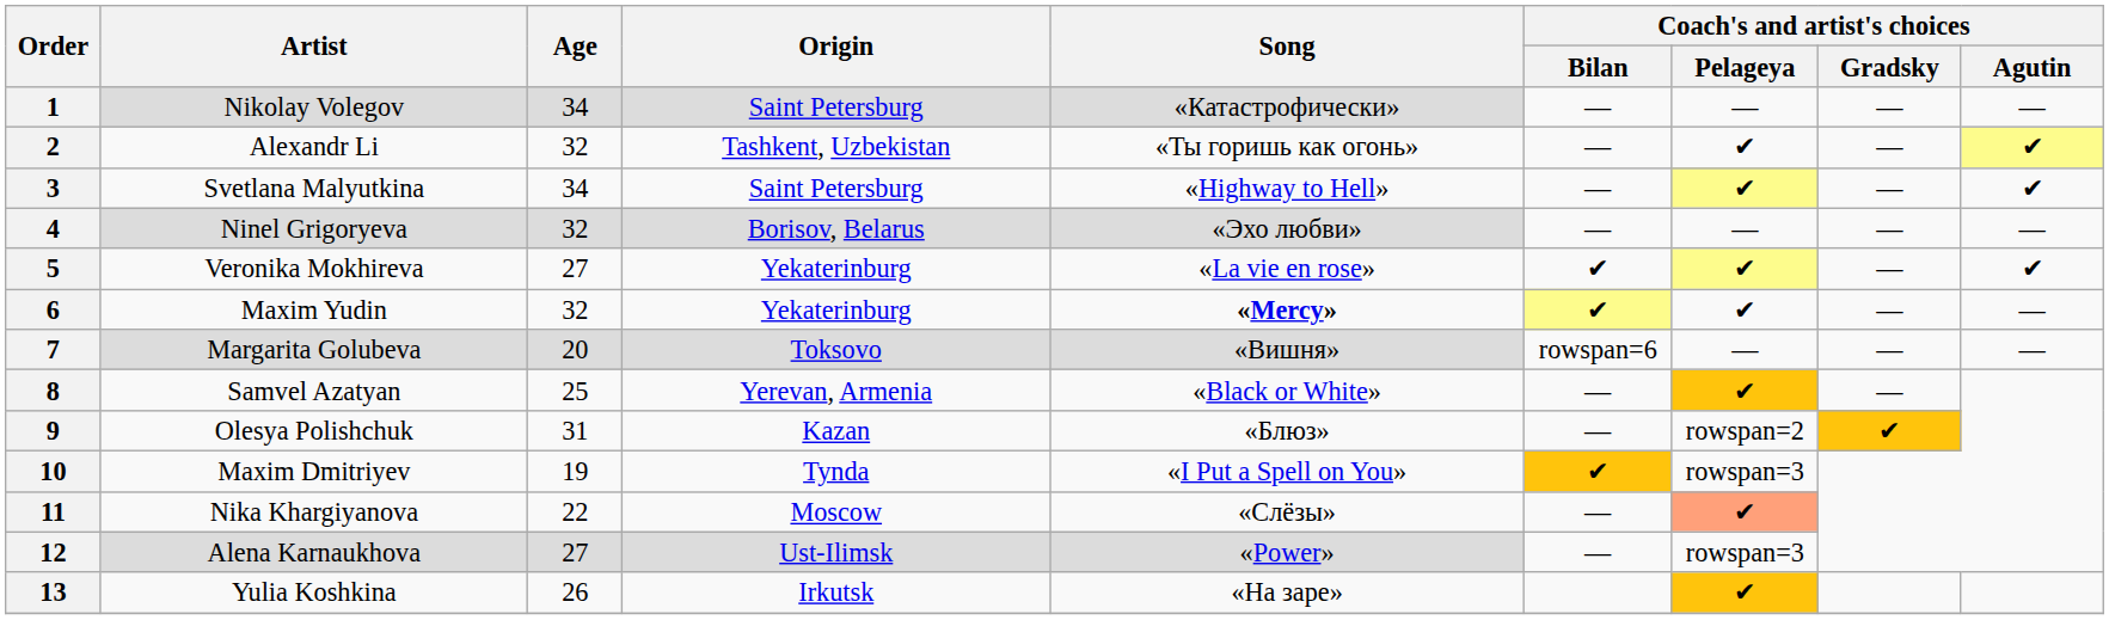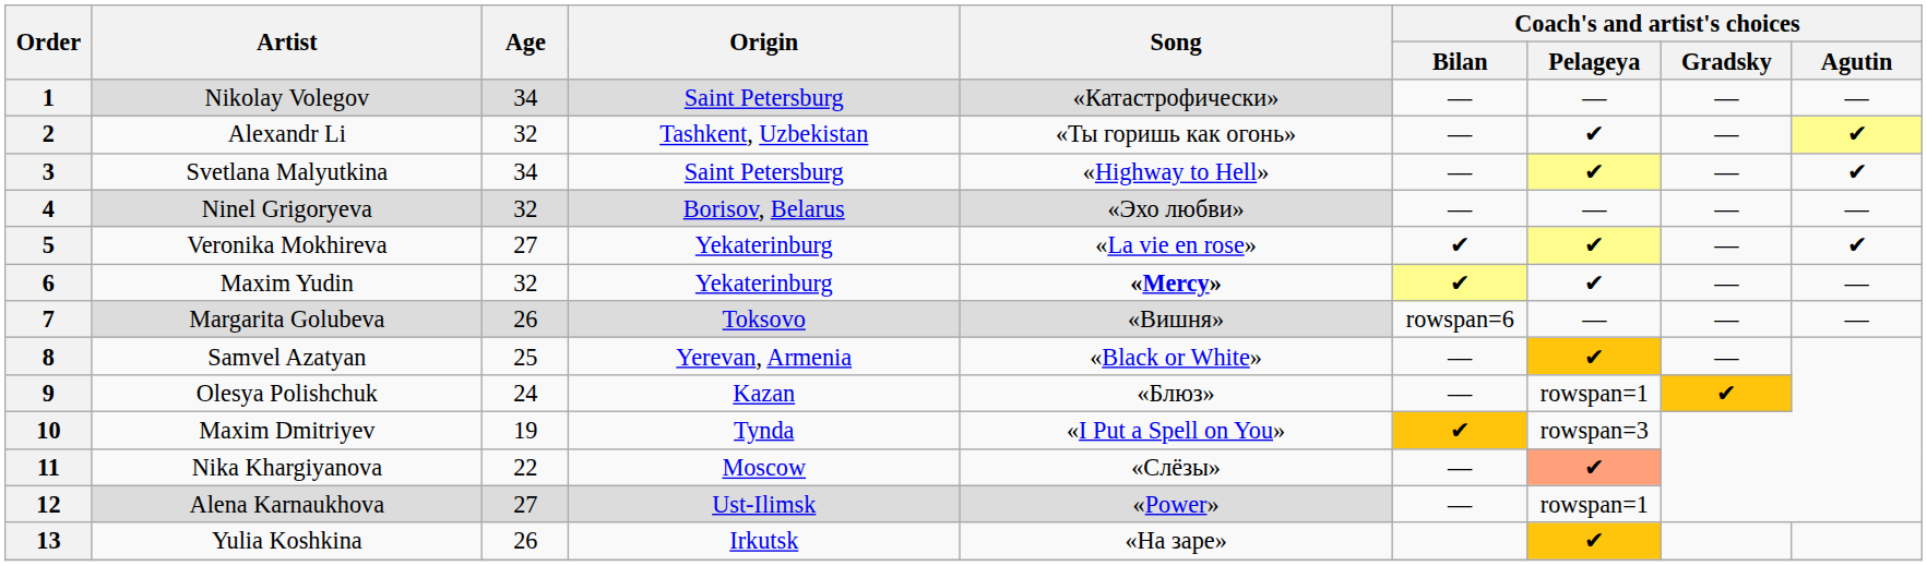 <table class="wikitable" style="text-align:center; line-height:17px; width:100%;">
 <tr>
 <th scope="col" rowspan=2 style="width:04%;">Order</th>
 <th scope="col" rowspan=2 style="width:18%;">Artist</th>
 <th scope="col" rowspan=2 style="width:04%;">Age</th>
 <th scope="col" rowspan=2 style="width:18%;">Origin</th>
 <th scope="col" rowspan=2 style="width:20%;">Song</th>
 <th scope="col" colspan=4 style="width:24%;">Coach's and artist's choices</th>
 </tr>
 <tr>
 <th style="width:06%;">Bilan</th>
 <th style="width:06%;">Pelageya</th>
 <th style="width:06%;">Gradsky</th>
 <th style="width:06%;">Agutin</th>
 </tr>
 <tr>
 <th>1</th>
 <td style="background-color:#DCDCDC;">Nikolay Volegov</td>
 <td style="background-color:#DCDCDC;">34</td>
 <td style="background-color:#DCDCDC;"><a href='#'>Saint Petersburg</a></td>
 <td style="background-color:#DCDCDC;">«Катастрофически»</td>
 <td>—</td>
 <td>—</td>
 <td>—</td>
 <td>—</td>
 </tr>
 <tr>
 <th>2</th>
 <td>Alexandr Li</td>
 <td>32</td>
 <td><a href='#'>Tashkent</a>, <a href='#'>Uzbekistan</a></td>
 <td>«Ты горишь как огонь»</td>
 <td>—</td>
 <td>✔</td>
 <td>—</td>
 <td style="background-color:#fdfc8c;">✔</td>
 </tr>
 <tr>
 <th>3</th>
 <td>Svetlana Malyutkina</td>
 <td>34</td>
 <td><a href='#'>Saint Petersburg</a></td>
 <td>«<a href='#'>Highway to Hell</a>»</td>
 <td>—</td>
 <td style="background-color:#fdfc8c;">✔</td>
 <td>—</td>
 <td>✔</td>
 </tr>
 <tr>
 <th>4</th>
 <td style="background-color:#DCDCDC;">Ninel Grigoryeva</td>
 <td style="background-color:#DCDCDC;">32</td>
 <td style="background-color:#DCDCDC;"><a href='#'>Borisov</a>, <a href='#'>Belarus</a></td>
 <td style="background-color:#DCDCDC;">«Эхо любви»</td>
 <td>—</td>
 <td>—</td>
 <td>—</td>
 <td>—</td>
 </tr>
 <tr>
 <th>5</th>
 <td>Veronika Mokhireva</td>
 <td>27</td>
 <td><a href='#'>Yekaterinburg</a></td>
 <td>«<a href='#'>La vie en rose</a>»</td>
 <td>✔</td>
 <td style="background-color:#fdfc8c;">✔</td>
 <td>—</td>
 <td>✔</td>
 </tr>
 <tr>
 <th>6</th>
 <td>Maxim Yudin</td>
 <td>32</td>
 <td><a href='#'>Yekaterinburg</a></td>
 <td><strong>«<a href='#'>Mercy</a>»</strong></td>
 <td style="background-color:#fdfc8c;">✔</td>
 <td>✔</td>
 <td>—</td>
 <td>—</td>
 </tr>
 <tr>
 <th>7</th>
 <td style="background-color:#DCDCDC;">Margarita Golubeva</td>
-<td style="background-color:#DCDCDC;">20</td>
+<td style="background-color:#DCDCDC;">26</td>
 <td style="background-color:#DCDCDC;"><a href='#'>Toksovo</a></td>
 <td style="background-color:#DCDCDC;">«Вишня»</td>
 <td>rowspan=6 </td>
 <td>—</td>
 <td>—</td>
 <td>—</td>
 </tr>
 <tr>
 <th>8</th>
 <td>Samvel Azatyan</td>
 <td>25</td>
 <td><a href='#'>Yerevan</a>, <a href='#'>Armenia</a></td>
 <td>«<a href='#'>Black or White</a>»</td>
 <td>—</td>
 <td style="background-color:#ffc40c;">✔</td>
 <td>—</td>
 </tr>
 <tr>
 <th>9</th>
 <td>Olesya Polishchuk</td>
-<td>31</td>
+<td>24</td>
 <td><a href='#'>Kazan</a></td>
 <td>«Блюз»</td>
 <td>—</td>
-<td>rowspan=2 </td>
+<td>rowspan=1 </td>
 <td style="background-color:#ffc40c;">✔</td>
 </tr>
 <tr>
 <th>10</th>
 <td>Maxim Dmitriyev</td>
 <td>19</td>
 <td><a href='#'>Tynda</a></td>
 <td>«<a href='#'>I Put a Spell on You</a>»</td>
 <td style="background-color:#ffc40c;">✔</td>
 <td>rowspan=3 </td>
 </tr>
 <tr>
 <th>11</th>
 <td>Nika Khargiyanova</td>
 <td>22</td>
 <td><a href='#'>Moscow</a></td>
 <td>«Слёзы»</td>
 <td>—</td>
 <td style="background-color:lightsalmon;">✔</td>
 </tr>
 <tr>
 <th>12</th>
 <td style="background-color:#DCDCDC;">Alena Karnaukhova</td>
 <td style="background-color:#DCDCDC;">27</td>
 <td style="background-color:#DCDCDC;"><a href='#'>Ust-Ilimsk</a></td>
 <td style="background-color:#DCDCDC;">«<a href='#'>Power</a>»</td>
 <td>—</td>
-<td>rowspan=3 </td>
+<td>rowspan=1 </td>
 </tr>
 <tr>
 <th>13</th>
 <td>Yulia Koshkina</td>
 <td>26</td>
 <td><a href='#'>Irkutsk</a></td>
 <td>«На заре»</td>
 <td><strong></strong></td>
 <td style="background-color:#ffc40c;">✔</td>
 <td><strong></strong></td>
 <td><strong></strong></td>
 </tr>
 <tr>
 </tr>
 </table>
